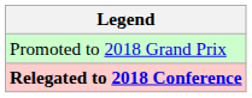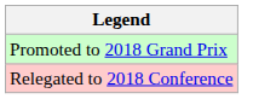 <table class="wikitable">
 <tr>
 <th>Legend</th>
 </tr>
 <tr bgcolor=ccffcc>
 <td>Promoted to <a href='#'>2018 Grand Prix</a></td>
 </tr>
 <tr bgcolor=ffcccc>
-<td><strong>Relegated to <a href='#'>2018 Conference</a></strong></td>
+<td>Relegated to <a href='#'>2018 Conference</a></td>
 </tr>
 </table>
